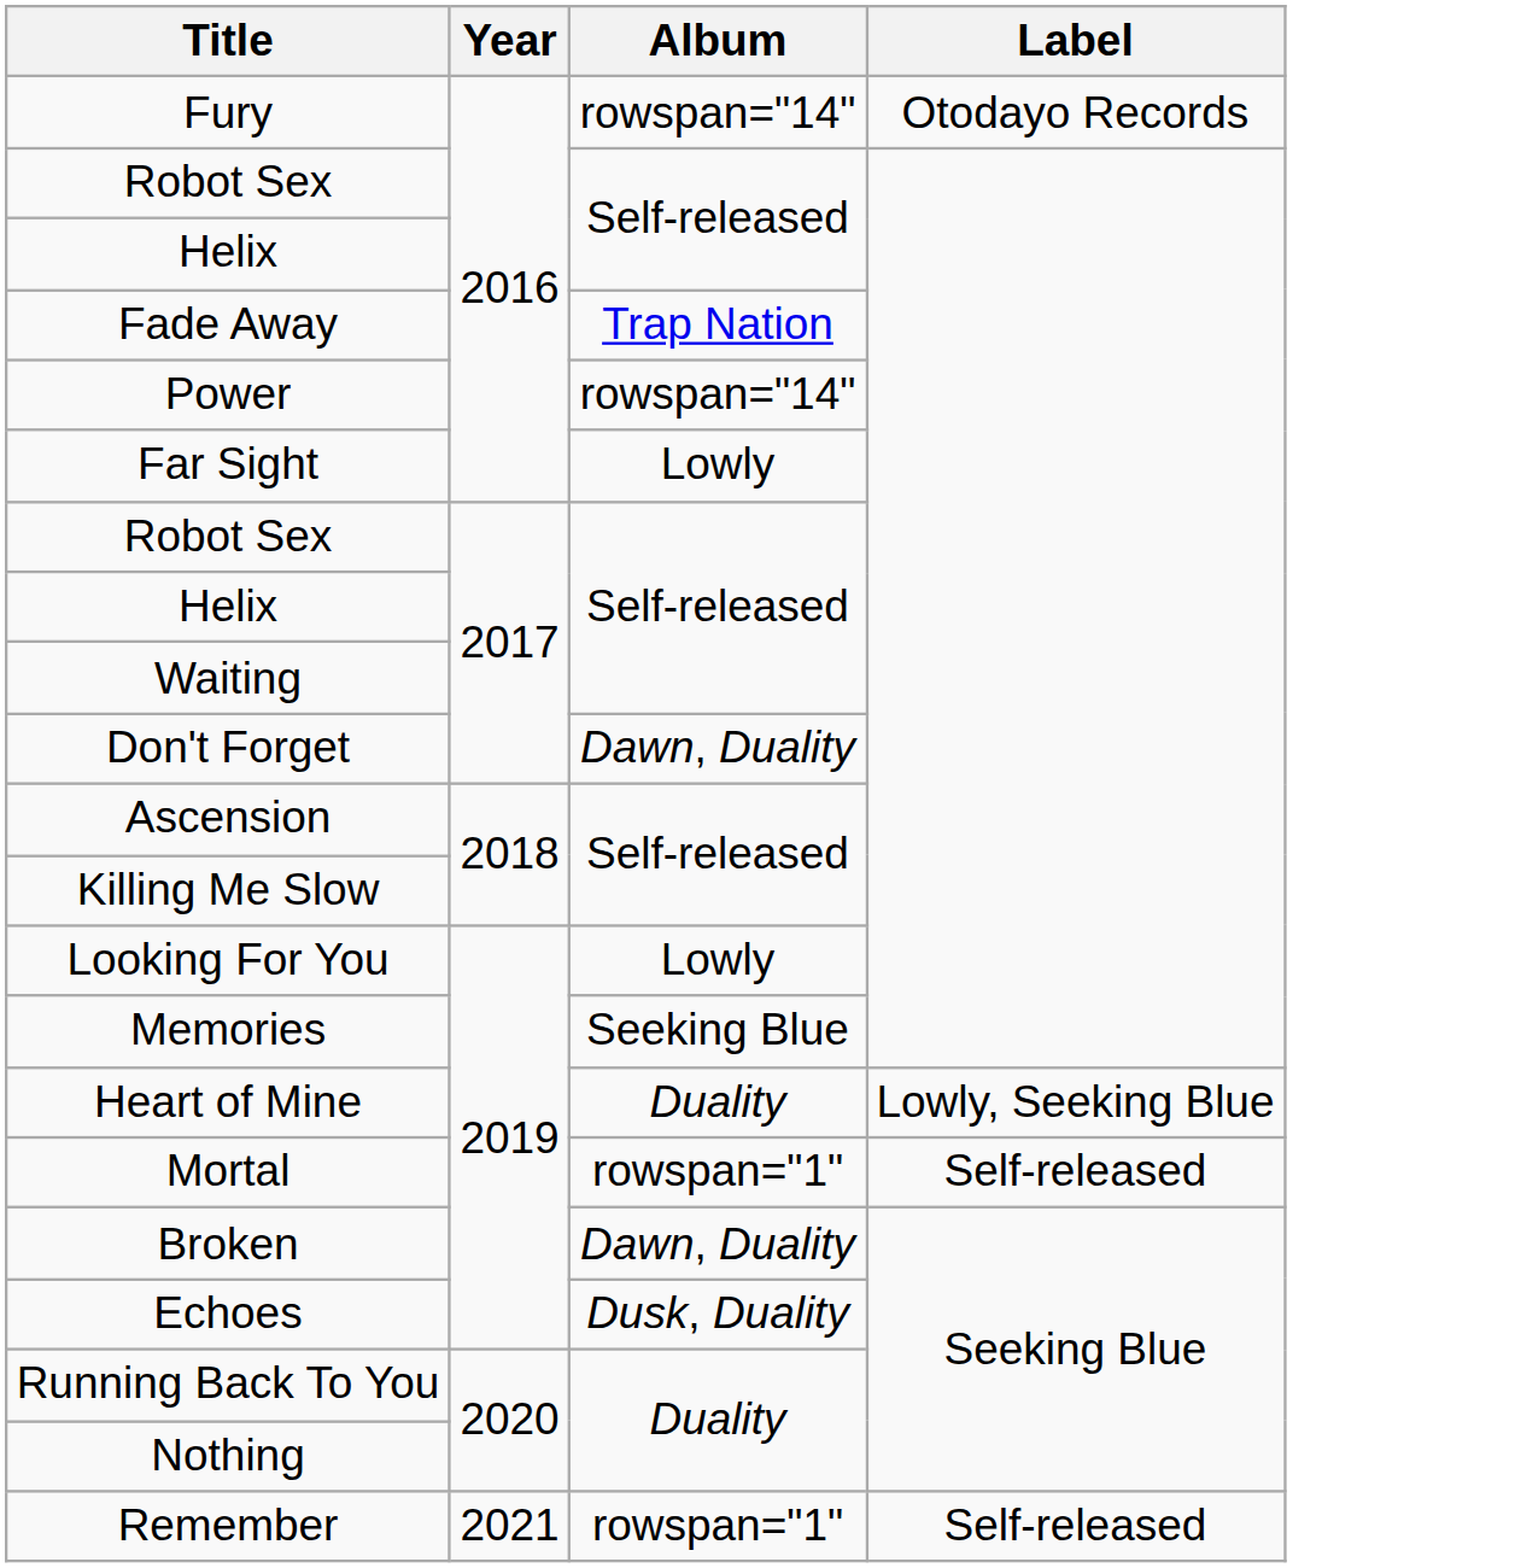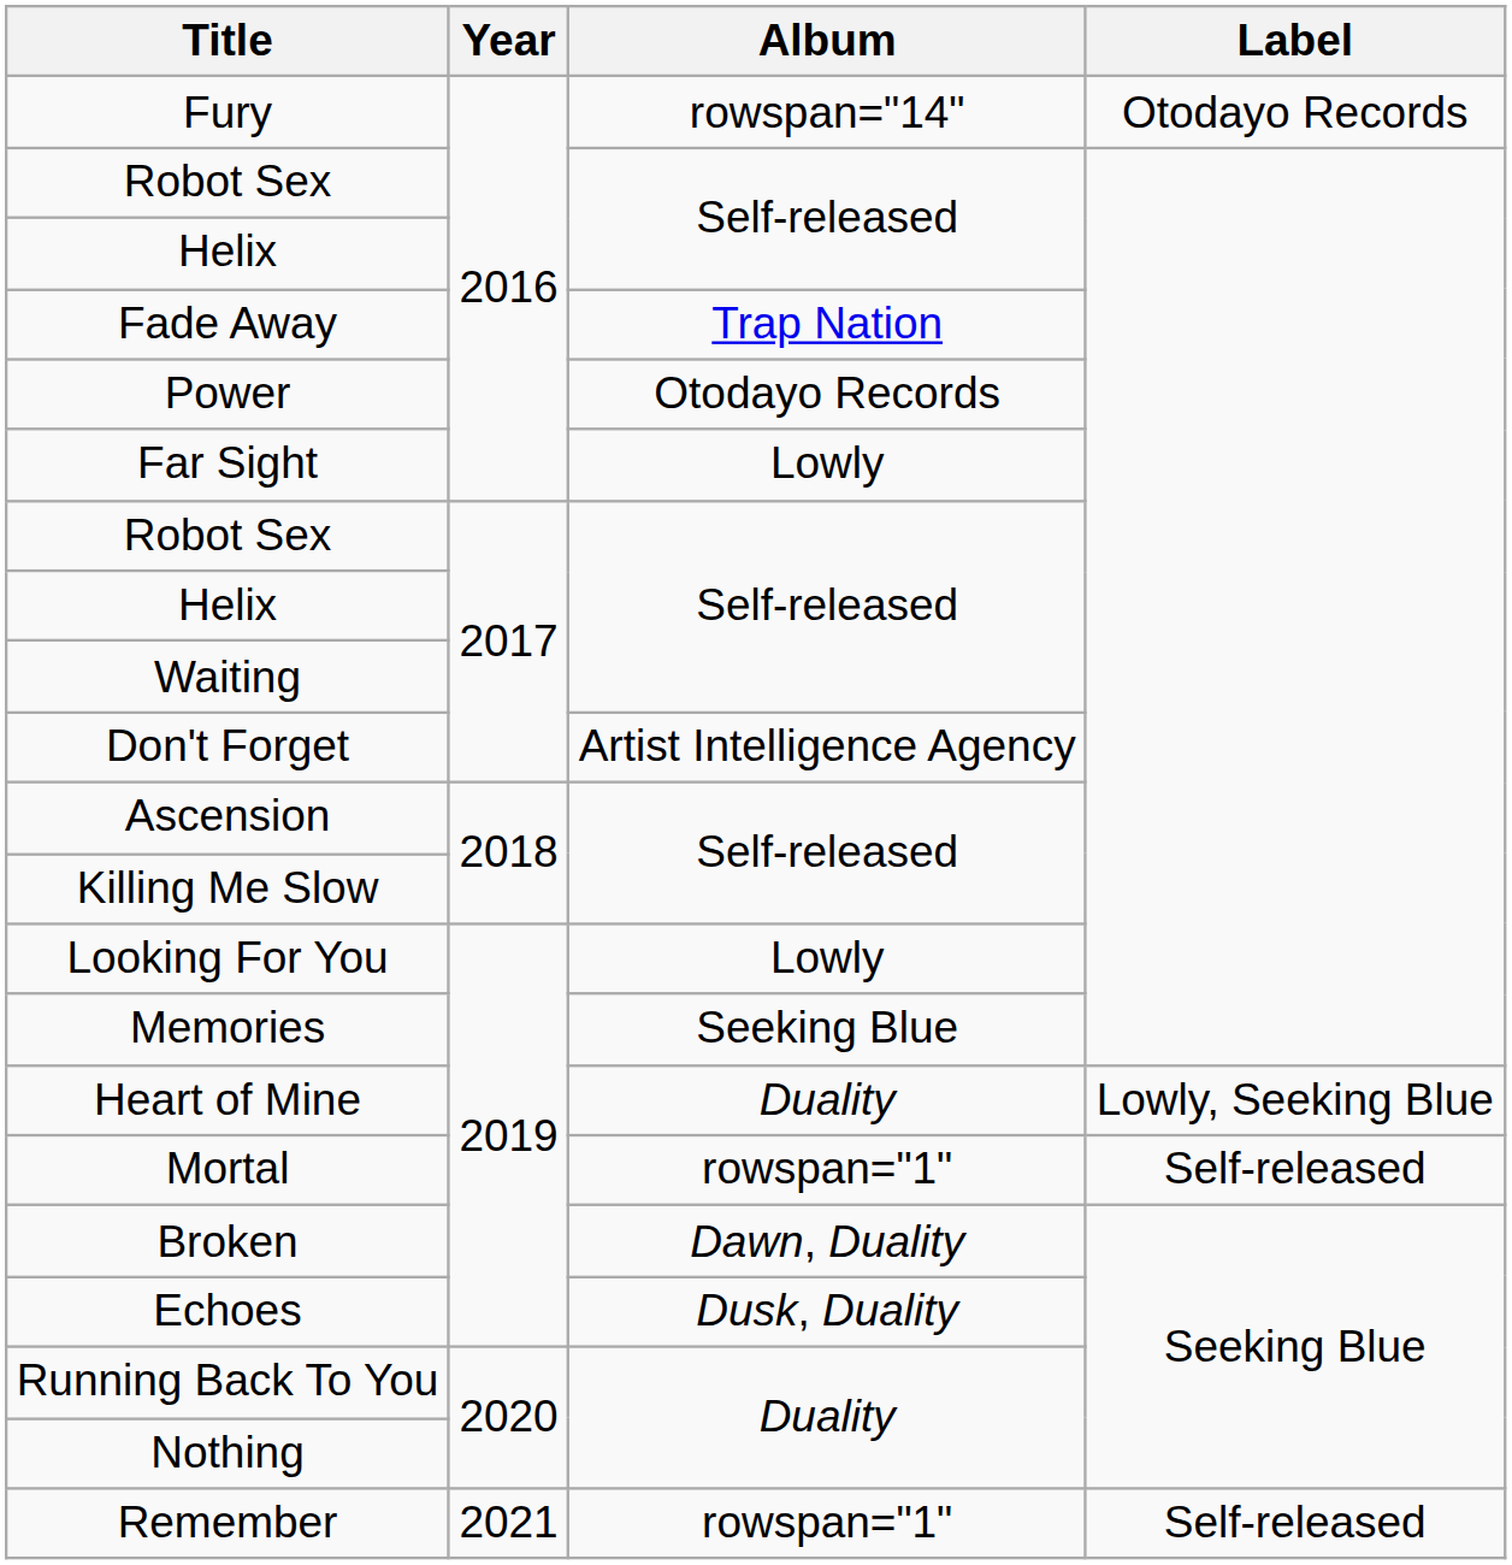 <table class="wikitable plainrowheaders" style="text-align:center;">
 <tr>
 <th scope="col">Title</th>
 <th scope="col">Year</th>
 <th scope="col">Album</th>
 <th scope="col">Label</th>
 </tr>
 <tr>
 <td>Fury</td>
 <td rowspan="6">2016</td>
 <td>rowspan="14" </td>
 <td>Otodayo Records</td>
 </tr>
 <tr>
 <td>Robot Sex</td>
 <td rowspan="2">Self-released</td>
 </tr>
 <tr>
 <td>Helix</td>
 </tr>
 <tr>
 <td>Fade Away </td>
 <td><a href='#'>Trap Nation</a></td>
 </tr>
 <tr>
 <td>Power</td>
-<td>rowspan="14" </td>
+<td>Otodayo Records</td>
 </tr>
 <tr>
 <td>Far Sight </td>
 <td>Lowly</td>
 </tr>
 <tr>
 <td>Robot Sex</td>
 <td rowspan="4">2017</td>
 <td rowspan="3">Self-released</td>
 </tr>
 <tr>
 <td>Helix</td>
 </tr>
 <tr>
 <td>Waiting </td>
 </tr>
 <tr>
 <td>Don't Forget </td>
-<td><em>Dawn</em>, <em>Duality</em></td>
+<td>Artist Intelligence Agency</td>
 </tr>
 <tr>
 <td>Ascension</td>
 <td rowspan="2">2018</td>
 <td rowspan="2">Self-released</td>
 </tr>
 <tr>
 <td>Killing Me Slow</td>
 </tr>
 <tr>
 <td>Looking For You </td>
 <td rowspan="6">2019</td>
 <td>Lowly</td>
 </tr>
 <tr>
 <td>Memories </td>
 <td>Seeking Blue</td>
 </tr>
 <tr>
 <td>Heart of Mine </td>
 <td><em>Duality</em></td>
 <td>Lowly, Seeking Blue</td>
 </tr>
 <tr>
 <td>Mortal </td>
 <td>rowspan="1" </td>
 <td>Self-released</td>
 </tr>
 <tr>
 <td>Broken </td>
 <td><em>Dawn</em>, <em>Duality</em></td>
 <td rowspan="4">Seeking Blue</td>
 </tr>
 <tr>
 <td>Echoes </td>
 <td><em>Dusk</em>, <em>Duality</em></td>
 </tr>
 <tr>
 <td>Running Back To You </td>
 <td rowspan="2">2020</td>
 <td rowspan="2"><em>Duality</em></td>
 </tr>
 <tr>
 <td>Nothing </td>
 </tr>
 <tr>
 <td>Remember </td>
 <td rowspan="1">2021</td>
 <td>rowspan="1" </td>
 <td>Self-released</td>
 </tr>
 </table>
